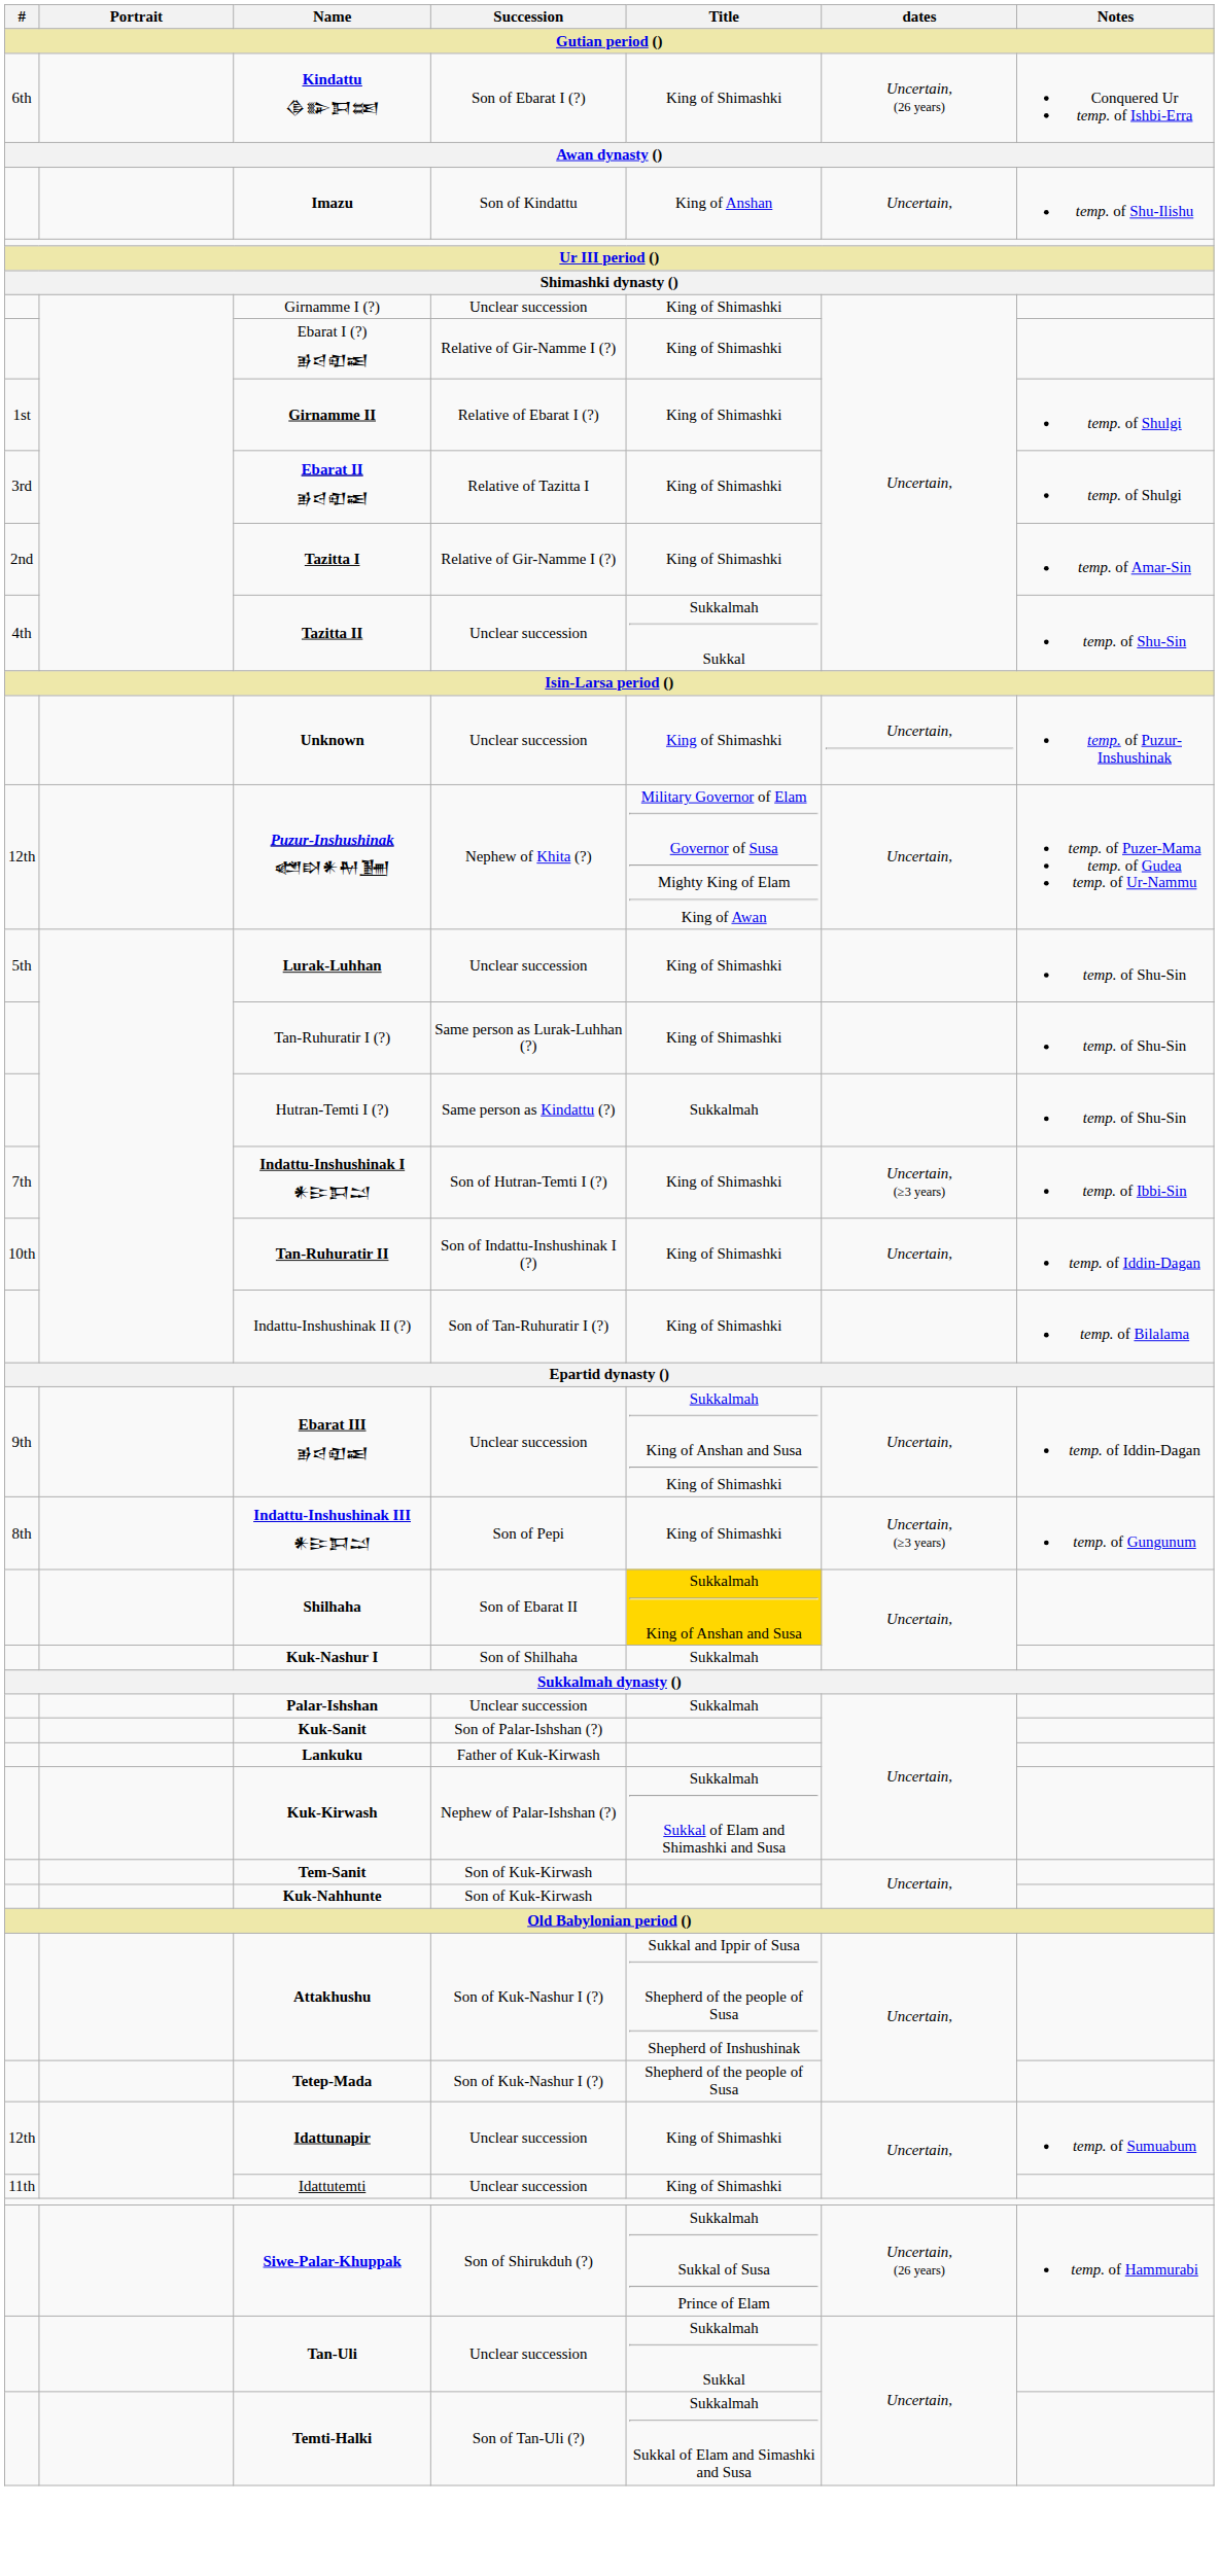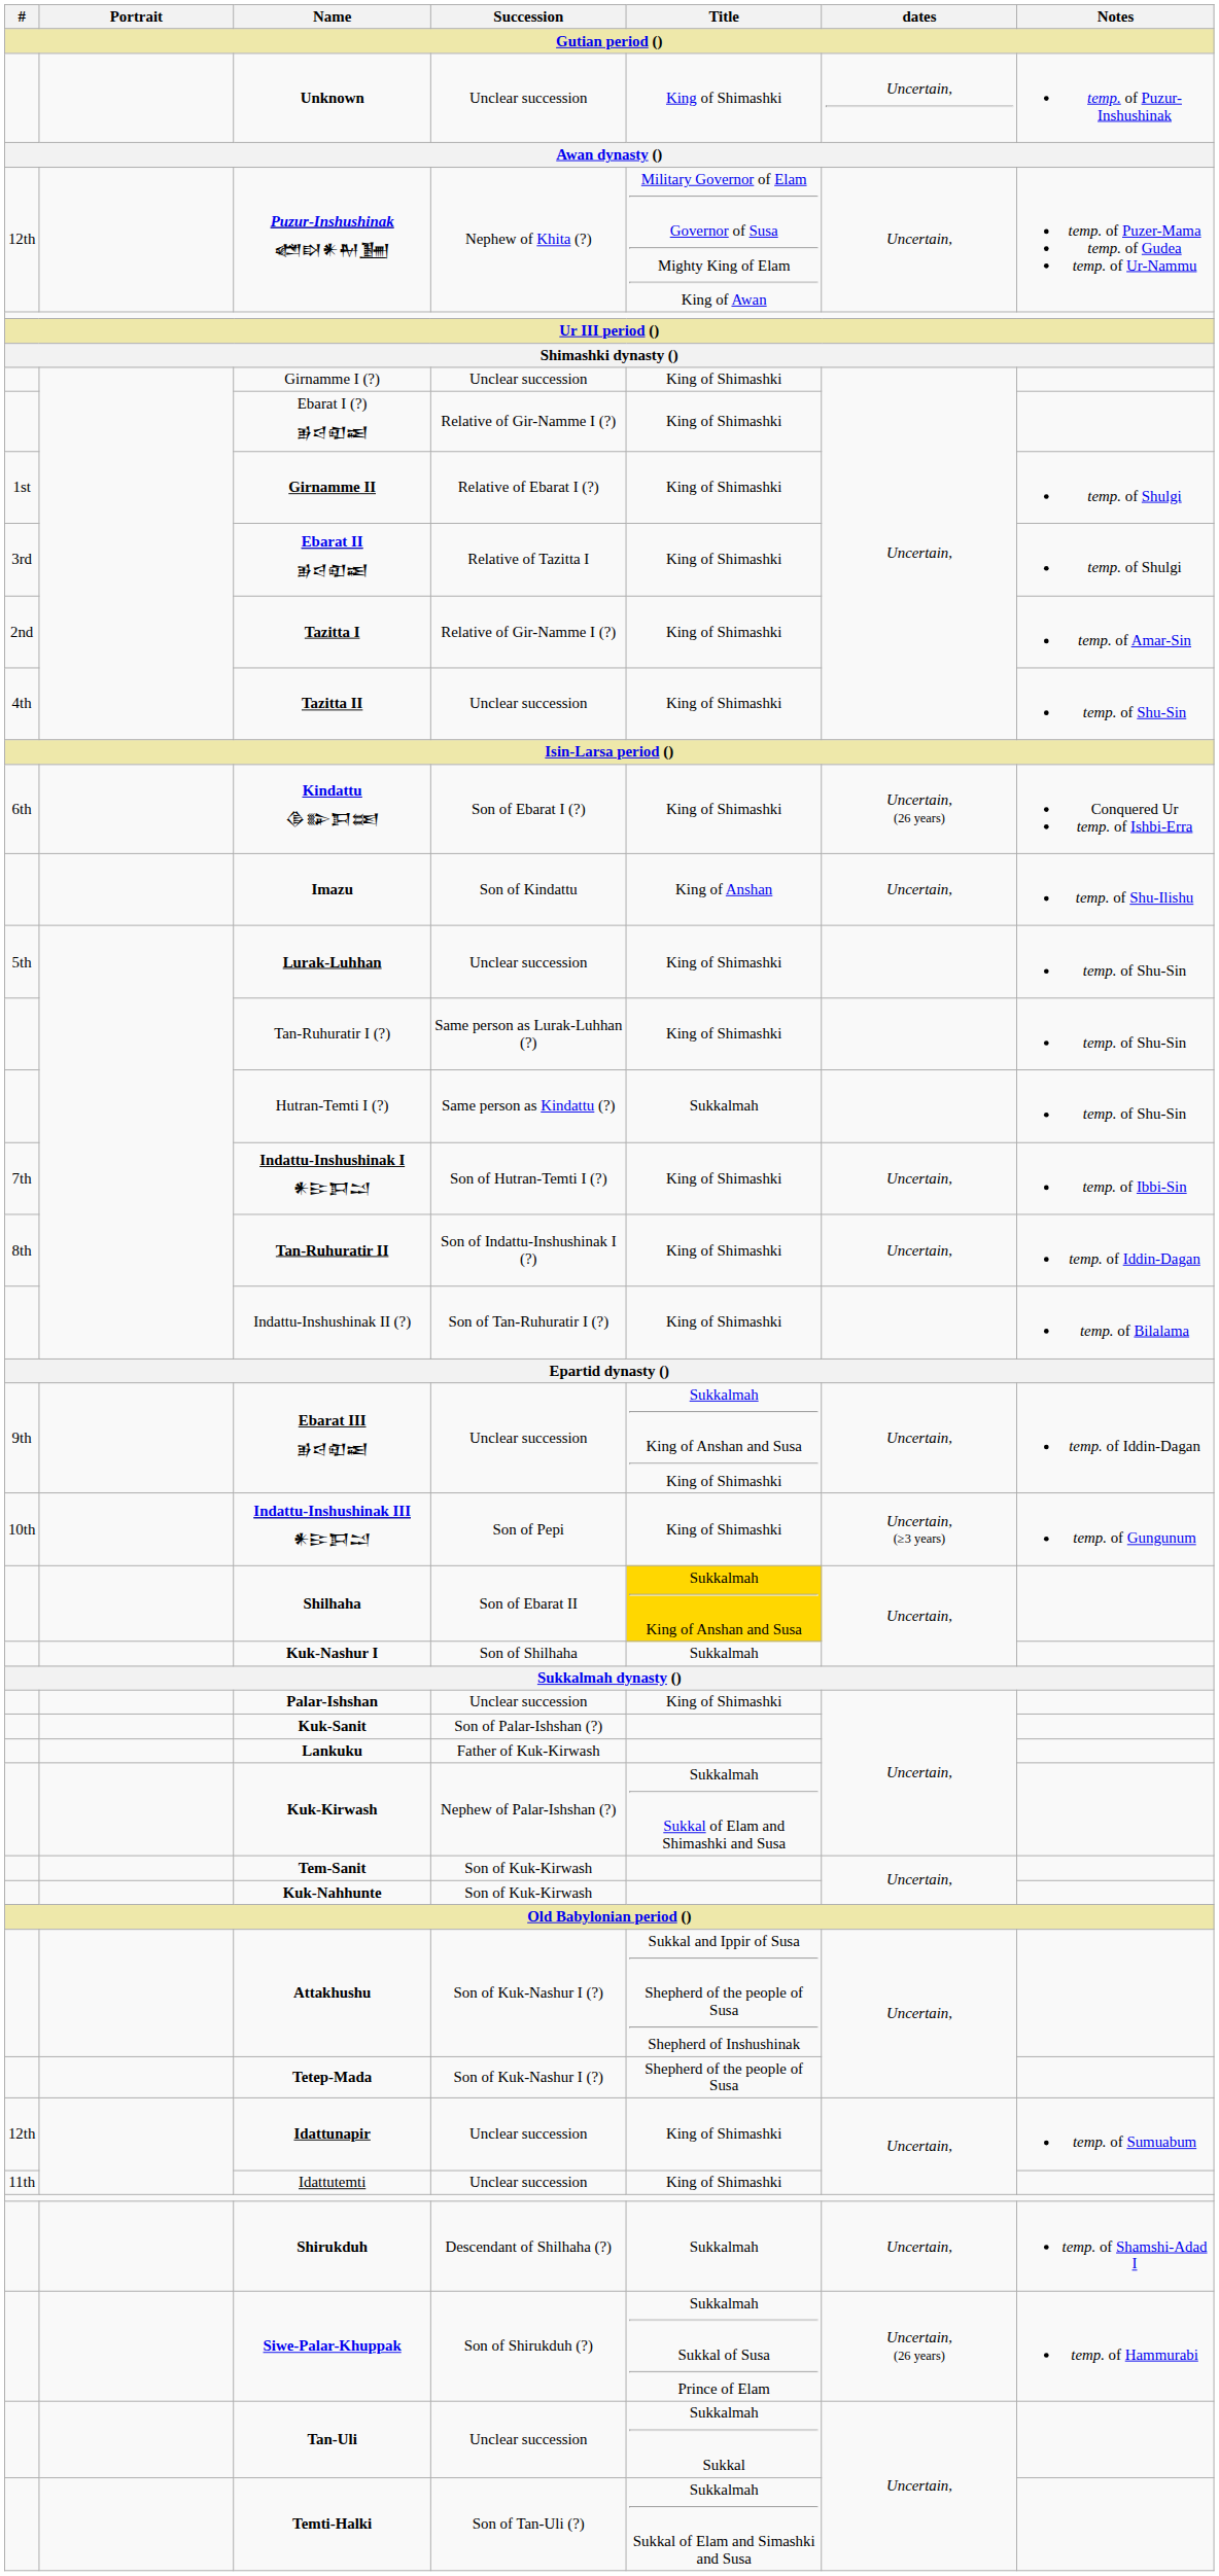 <table class="wikitable"border="1"style="width:100%;text-align:center">
 <tr>
 <th width="1%">#</th>
 <th width="16.5%">Portrait</th>
 <th width="16.5%">Name</th>
 <th width="16.5%">Succession</th>
 <th width="16.5%">Title</th>
 <th width="16.5%"> dates</th>
 <th width="16.5%">Notes</th>
 </tr>
 <tr>
 <td colspan="7"align="center"style="background-color:palegoldenrod"><strong><a href='#'>Gutian period</a> ()</strong></td>
 </tr>
 <tr>
-<td>6th</td>
 <td></td>
-<td><strong><u><a href='#'>Kindattu</a></u></strong><br>𒆠𒅔𒁕𒌅</td>
-<td>Son of Ebarat I (?)</td>
-<td>King of Shimashki</td>
-<td><em>Uncertain,</em> <br><small>(26 years)</small></td>
-<td><br><ul><li>Conquered Ur </li><li><em>temp.</em> of <a href='#'>Ishbi-Erra</a></li></ul></td>
+<td></td>
+<td><strong>Unknown</strong></td>
+<td>Unclear succession</td>
+<td><a href='#'>King</a> of Shimashki</td>
+<td><em>Uncertain,</em> <hr></td>
+<td><br><ul><li><em><a href='#'>temp.</a></em> of <a href='#'>Puzur-Inshushinak</a></li></ul></td>
 </tr>
 <tr>
 <th colspan="7"><a href='#'>Awan dynasty</a> ()</th>
 </tr>
 <tr>
+<td>12th</td>
 <td></td>
-<td></td>
-<td><strong>Imazu</strong></td>
-<td>Son of Kindattu</td>
-<td>King of <a href='#'>Anshan</a></td>
+<td><strong><em><u><a href='#'>Puzur-Inshushinak</a></u></em></strong><br>𒅤𒊭𒀭𒈹𒂞</td>
+<td>Nephew of <a href='#'>Khita</a> (?)</td>
+<td><a href='#'>Military Governor</a> of <a href='#'>Elam</a><hr><br><a href='#'>Governor</a> of <a href='#'>Susa</a><hr> Mighty King of Elam<hr> King of <a href='#'>Awan</a></td>
 <td><em>Uncertain,</em> </td>
-<td><br><ul><li><em>temp.</em> of <a href='#'>Shu-Ilishu</a></li></ul></td>
+<td><br><ul><li><em>temp.</em> of <a href='#'>Puzer-Mama</a></li><li><em>temp.</em> of <a href='#'>Gudea</a></li><li><em>temp.</em> of <a href='#'>Ur-Nammu</a></li></ul></td>
 </tr>
 <tr>
 <td colspan="7"align="left"></td>
 </tr>
 <tr>
 <td colspan="7"align="center"style="background-color:palegoldenrod"><strong><a href='#'>Ur III period</a> ()</strong></td>
 </tr>
 <tr>
 <th colspan="7">Shimashki dynasty ()</th>
 </tr>
 <tr>
 <td></td>
 <td rowspan="6"></td>
 <td>Girnamme I (?)</td>
 <td>Unclear succession</td>
 <td>King of Shimashki</td>
 <td rowspan="6"><em>Uncertain,</em> </td>
 <td></td>
 </tr>
 <tr>
 <td></td>
 <td>Ebarat I (?)<br>𒂊𒁀𒊏𒀜</td>
 <td>Relative of Gir-Namme I (?)</td>
 <td>King of Shimashki</td>
 <td></td>
 </tr>
 <tr>
 <td>1st</td>
 <td><strong><u>Girnamme II</u></strong></td>
 <td>Relative of Ebarat I (?)</td>
 <td>King of Shimashki</td>
 <td><br><ul><li><em>temp.</em> of <a href='#'>Shulgi</a></li></ul></td>
 </tr>
 <tr>
 <td>3rd</td>
 <td><strong><u><a href='#'>Ebarat II</a></u></strong><br>𒂊𒁀𒊏𒀜</td>
 <td>Relative of Tazitta I</td>
 <td>King of Shimashki</td>
 <td><br><ul><li><em>temp.</em> of Shulgi</li></ul></td>
 </tr>
 <tr>
 <td>2nd</td>
 <td><strong><u>Tazitta I</u></strong></td>
 <td>Relative of Gir-Namme I (?)</td>
 <td>King of Shimashki</td>
 <td><br><ul><li><em>temp.</em> of <a href='#'>Amar-Sin</a></li></ul></td>
 </tr>
 <tr>
 <td>4th</td>
 <td><strong><u>Tazitta II</u></strong></td>
 <td>Unclear succession</td>
-<td>Sukkalmah<hr><br>Sukkal</td>
+<td>King of Shimashki</td>
 <td><br><ul><li><em>temp.</em> of <a href='#'>Shu-Sin</a></li></ul></td>
 </tr>
 <tr>
 <td colspan="7"align="center"style="background-color:palegoldenrod"><strong><a href='#'>Isin-Larsa period</a> ()</strong></td>
 </tr>
 <tr>
+<td>6th</td>
+<td></td>
+<td><strong><u><a href='#'>Kindattu</a></u></strong><br>𒆠𒅔𒁕𒌅</td>
+<td>Son of Ebarat I (?)</td>
+<td>King of Shimashki</td>
+<td><em>Uncertain,</em> <br><small>(26 years)</small></td>
+<td><br><ul><li>Conquered Ur </li><li><em>temp.</em> of <a href='#'>Ishbi-Erra</a></li></ul></td>
+</tr>
+<tr>
 <td></td>
 <td></td>
-<td><strong>Unknown</strong></td>
-<td>Unclear succession</td>
-<td><a href='#'>King</a> of Shimashki</td>
-<td><em>Uncertain,</em> <hr></td>
-<td><br><ul><li><em><a href='#'>temp.</a></em> of <a href='#'>Puzur-Inshushinak</a></li></ul></td>
-</tr>
-<tr>
-<td>12th</td>
-<td></td>
-<td><strong><em><u><a href='#'>Puzur-Inshushinak</a></u></em></strong><br>𒅤𒊭𒀭𒈹𒂞</td>
-<td>Nephew of <a href='#'>Khita</a> (?)</td>
-<td><a href='#'>Military Governor</a> of <a href='#'>Elam</a><hr><br><a href='#'>Governor</a> of <a href='#'>Susa</a><hr> Mighty King of Elam<hr> King of <a href='#'>Awan</a></td>
+<td><strong>Imazu</strong></td>
+<td>Son of Kindattu</td>
+<td>King of <a href='#'>Anshan</a></td>
 <td><em>Uncertain,</em> </td>
-<td><br><ul><li><em>temp.</em> of <a href='#'>Puzer-Mama</a></li><li><em>temp.</em> of <a href='#'>Gudea</a></li><li><em>temp.</em> of <a href='#'>Ur-Nammu</a></li></ul></td>
+<td><br><ul><li><em>temp.</em> of <a href='#'>Shu-Ilishu</a></li></ul></td>
 </tr>
 <tr>
 <td>5th</td>
 <td rowspan="6"></td>
 <td><strong><u>Lurak-Luhhan</u></strong></td>
 <td>Unclear succession</td>
 <td>King of Shimashki</td>
 <td></td>
 <td><br><ul><li><em>temp.</em> of Shu-Sin</li></ul></td>
 </tr>
 <tr>
 <td></td>
 <td>Tan-Ruhuratir I (?)</td>
 <td>Same person as Lurak-Luhhan (?)</td>
 <td>King of Shimashki</td>
 <td></td>
 <td><br><ul><li><em>temp.</em> of Shu-Sin</li></ul></td>
 </tr>
 <tr>
 <td></td>
 <td>Hutran-Temti I (?)</td>
 <td>Same person as <a href='#'>Kindattu</a> (?)</td>
 <td>Sukkalmah</td>
 <td></td>
 <td><br><ul><li><em>temp.</em> of Shu-Sin</li></ul></td>
 </tr>
 <tr>
 <td>7th</td>
 <td><strong><u>Indattu-Inshushinak I</u></strong><br>𒀭𒄿𒁕𒁺</td>
 <td>Son of Hutran-Temti I (?)</td>
 <td>King of Shimashki</td>
-<td><em>Uncertain,</em> <br><small>(≥3 years)</small></td>
+<td><em>Uncertain,</em> </td>
 <td><br><ul><li><em>temp.</em> of <a href='#'>Ibbi-Sin</a></li></ul></td>
 </tr>
 <tr>
-<td>10th</td>
+<td>8th</td>
 <td><strong><u>Tan-Ruhuratir II</u></strong></td>
 <td>Son of Indattu-Inshushinak I (?)</td>
 <td>King of Shimashki</td>
 <td><em>Uncertain,</em> </td>
 <td><br><ul><li><em>temp.</em> of <a href='#'>Iddin-Dagan</a></li></ul></td>
 </tr>
 <tr>
 <td></td>
 <td>Indattu-Inshushinak II (?)</td>
 <td>Son of Tan-Ruhuratir I (?)</td>
 <td>King of Shimashki</td>
 <td></td>
 <td><br><ul><li><em>temp.</em> of <a href='#'>Bilalama</a></li></ul></td>
 </tr>
 <tr>
 <th colspan="7">Epartid dynasty ()</th>
 </tr>
 <tr>
 <td>9th</td>
 <td></td>
 <td><strong><u>Ebarat III</u></strong><br>𒂊𒁀𒊏𒀜</td>
 <td>Unclear succession</td>
 <td><a href='#'>Sukkalmah</a><hr><br>King of Anshan and Susa<hr> King of Shimashki</td>
 <td><em>Uncertain,</em> </td>
 <td><br><ul><li><em>temp.</em> of Iddin-Dagan</li></ul></td>
 </tr>
 <tr>
-<td>8th</td>
+<td>10th</td>
 <td></td>
 <td><strong><u><a href='#'>Indattu-Inshushinak III</a></u></strong><br>𒀭𒄿𒁕𒁺</td>
 <td>Son of Pepi</td>
 <td>King of Shimashki</td>
 <td><em>Uncertain,</em> <br><small>(≥3 years)</small></td>
 <td><br><ul><li><em>temp.</em> of <a href='#'>Gungunum</a></li></ul></td>
 </tr>
 <tr>
 <td></td>
 <td></td>
 <td><strong>Shilhaha</strong></td>
 <td>Son of Ebarat II</td>
 <td style="background: gold;">Sukkalmah<hr><br>King of Anshan and Susa</td>
 <td rowspan="2"><em>Uncertain,</em> </td>
 <td></td>
 </tr>
 <tr>
 <td></td>
 <td></td>
 <td><strong>Kuk-Nashur I</strong></td>
 <td>Son of Shilhaha</td>
 <td>Sukkalmah</td>
 <td></td>
 </tr>
 <tr>
 <th colspan="7"><a href='#'>Sukkalmah dynasty</a> ()</th>
 </tr>
 <tr>
 <td></td>
 <td></td>
 <td><strong>Palar-Ishshan</strong></td>
 <td>Unclear succession</td>
-<td>Sukkalmah</td>
+<td>King of Shimashki</td>
 <td rowspan="4"><em>Uncertain,</em> </td>
 <td></td>
 </tr>
 <tr>
 <td></td>
 <td></td>
 <td><strong>Kuk-Sanit</strong></td>
 <td>Son of Palar-Ishshan (?)</td>
 <td></td>
 <td></td>
 </tr>
 <tr>
 <td></td>
 <td></td>
 <td><strong>Lankuku</strong></td>
 <td>Father of Kuk-Kirwash</td>
 <td></td>
 <td></td>
 </tr>
 <tr>
 <td></td>
 <td></td>
 <td><strong>Kuk-Kirwash</strong></td>
 <td>Nephew of Palar-Ishshan (?)</td>
 <td>Sukkalmah<hr><br><a href='#'>Sukkal</a> of Elam and Shimashki and Susa</td>
 <td></td>
 </tr>
 <tr>
 <td></td>
 <td></td>
 <td><strong>Tem-Sanit</strong></td>
 <td>Son of Kuk-Kirwash</td>
 <td></td>
 <td rowspan="2"><em>Uncertain,</em> </td>
 <td></td>
 </tr>
 <tr>
 <td></td>
 <td></td>
 <td><strong>Kuk-Nahhunte</strong></td>
 <td>Son of Kuk-Kirwash</td>
 <td></td>
 <td></td>
 </tr>
 <tr>
 <td colspan="7"align="center"style="background-color:palegoldenrod"><strong><a href='#'>Old Babylonian period</a> ()</strong></td>
 </tr>
 <tr>
 <td></td>
 <td></td>
 <td><strong>Attakhushu</strong></td>
 <td>Son of Kuk-Nashur I (?)</td>
 <td>Sukkal and Ippir of Susa<hr><br>Shepherd of the people of Susa<hr> Shepherd of Inshushinak</td>
 <td rowspan="2"><em>Uncertain,</em> </td>
 <td></td>
 </tr>
 <tr>
 <td></td>
 <td></td>
 <td><strong>Tetep-Mada</strong></td>
 <td>Son of Kuk-Nashur I (?)</td>
 <td>Shepherd of the people of Susa</td>
 <td></td>
 </tr>
 <tr>
 <td>12th</td>
 <td rowspan="2"></td>
 <td><strong><u>Idattunapir</u></strong></td>
 <td>Unclear succession</td>
 <td>King of Shimashki</td>
 <td rowspan="2"><em>Uncertain,</em> </td>
 <td><br><ul><li><em>temp.</em> of <a href='#'>Sumuabum</a></li></ul></td>
 </tr>
 <tr>
 <td>11th</td>
 <td><u>Idattutemti</u></td>
 <td>Unclear succession</td>
 <td>King of Shimashki</td>
 <td></td>
 </tr>
 <tr>
 <td colspan="7"align="left"></td>
 </tr>
 <tr>
 <td></td>
 <td></td>
+<td><strong>Shirukduh</strong></td>
+<td>Descendant of Shilhaha (?)</td>
+<td>Sukkalmah</td>
+<td><em>Uncertain,</em> </td>
+<td><br><ul><li><em>temp.</em> of <a href='#'>Shamshi-Adad I</a></li></ul></td>
+</tr>
+<tr>
+<td></td>
+<td></td>
 <td><strong><a href='#'>Siwe-Palar-Khuppak</a></strong></td>
 <td>Son of Shirukduh (?)</td>
 <td>Sukkalmah<hr><br>Sukkal of Susa<hr> Prince of Elam</td>
 <td><em>Uncertain,</em> <br><small>(26 years)</small></td>
 <td><br><ul><li><em>temp.</em> of <a href='#'>Hammurabi</a></li></ul></td>
 </tr>
 <tr>
 <td></td>
 <td></td>
 <td><strong>Tan-Uli</strong></td>
 <td>Unclear succession</td>
 <td>Sukkalmah<hr><br>Sukkal</td>
 <td rowspan="2"><em>Uncertain,</em> </td>
 <td></td>
 </tr>
 <tr>
 <td></td>
 <td></td>
 <td><strong>Temti-Halki</strong></td>
 <td>Son of Tan-Uli (?)</td>
 <td>Sukkalmah<hr><br>Sukkal of Elam and Simashki and Susa</td>
 <td></td>
 </tr>
 </table>
